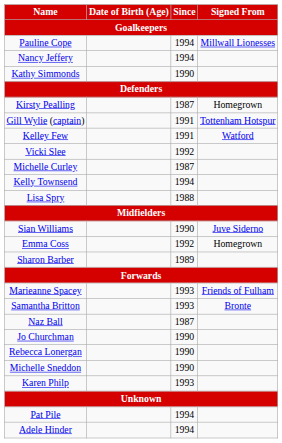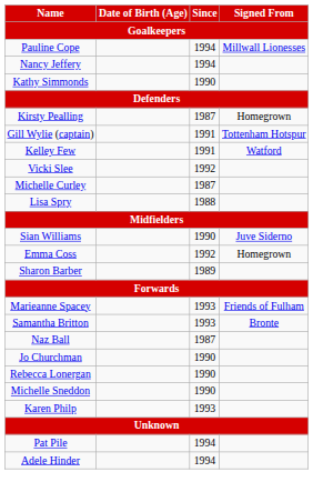 <table class="wikitable" style="text-align:center; font-size:100%; ">
 <tr>
 <th style="background:#d50000; color:white; text-align:center;">Name</th>
 <th style="background:#d50000; color:white; text-align:center;">Date of Birth (Age)</th>
 <th style="background:#d50000; color:white; text-align:center;">Since</th>
 <th style="background:#d50000; color:white; text-align:center;">Signed From</th>
 </tr>
 <tr>
 <th style="background:#d50000; color:white; text-align:center;" colspan="4">Goalkeepers</th>
 </tr>
 <tr>
 <td> <a href='#'>Pauline Cope</a></td>
 <td></td>
 <td>1994</td>
 <td><em></em> <a href='#'>Millwall Lionesses</a></td>
 </tr>
 <tr>
 <td><a href='#'>Nancy Jeffery</a></td>
 <td></td>
 <td>1994</td>
 <td></td>
 </tr>
 <tr>
 <td><a href='#'>Kathy Simmonds</a></td>
 <td></td>
 <td>1990</td>
 <td></td>
 </tr>
 <tr>
 <th style="background:#d50000; color:white; text-align:center;" colspan="4">Defenders</th>
 </tr>
 <tr>
 <td> <a href='#'>Kirsty Pealling</a></td>
 <td></td>
 <td>1987</td>
 <td>Homegrown</td>
 </tr>
 <tr>
 <td><em></em> <a href='#'>Gill Wylie</a> (<a href='#'>captain</a>)</td>
 <td></td>
 <td>1991</td>
 <td> <a href='#'>Tottenham Hotspur</a></td>
 </tr>
 <tr>
 <td> <a href='#'>Kelley Few</a></td>
 <td></td>
 <td>1991</td>
 <td> <a href='#'>Watford</a></td>
 </tr>
 <tr>
 <td> <a href='#'>Vicki Slee</a></td>
 <td></td>
 <td>1992</td>
 <td></td>
 </tr>
 <tr>
 <td> <a href='#'>Michelle Curley</a></td>
 <td></td>
 <td>1987</td>
-<td></td>
-</tr>
-<tr>
-<td> <a href='#'>Kelly Townsend</a></td>
-<td></td>
-<td>1994</td>
 <td></td>
 </tr>
 <tr>
 <td> <a href='#'>Lisa Spry</a></td>
 <td></td>
 <td>1988</td>
 <td></td>
 </tr>
 <tr>
 <th style="background:#d50000; color:white; text-align:center;" colspan="4">Midfielders</th>
 </tr>
 <tr>
 <td> <a href='#'>Sian Williams</a></td>
 <td></td>
 <td>1990</td>
 <td> <a href='#'>Juve Siderno</a></td>
 </tr>
 <tr>
 <td> <a href='#'>Emma Coss</a></td>
 <td></td>
 <td>1992</td>
 <td>Homegrown</td>
 </tr>
 <tr>
 <td> <a href='#'>Sharon Barber</a></td>
 <td></td>
 <td>1989</td>
 <td></td>
 </tr>
 <tr>
 <th style="background:#d50000; color:white; text-align:center;" colspan="4">Forwards</th>
 </tr>
 <tr>
 <td> <a href='#'>Marieanne Spacey</a></td>
 <td></td>
 <td>1993</td>
 <td><em></em> <a href='#'>Friends of Fulham</a></td>
 </tr>
 <tr>
 <td><a href='#'>Samantha Britton</a></td>
 <td></td>
 <td>1993</td>
 <td><em></em> <a href='#'>Bronte</a></td>
 </tr>
 <tr>
 <td> <a href='#'>Naz Ball</a></td>
 <td></td>
 <td>1987</td>
 <td></td>
 </tr>
 <tr>
 <td> <a href='#'>Jo Churchman</a></td>
 <td></td>
 <td>1990</td>
 <td></td>
 </tr>
 <tr>
 <td> <a href='#'>Rebecca Lonergan</a></td>
 <td></td>
 <td>1990</td>
 <td></td>
 </tr>
 <tr>
 <td> <a href='#'>Michelle Sneddon</a></td>
 <td></td>
 <td>1990</td>
 <td></td>
 </tr>
 <tr>
 <td><a href='#'>Karen Philp</a></td>
 <td></td>
 <td>1993</td>
 <td></td>
 </tr>
 <tr>
 <th style="background:#d50000; color:white; text-align:center;" colspan="4">Unknown</th>
 </tr>
 <tr>
 <td><a href='#'>Pat Pile</a></td>
 <td></td>
 <td>1994</td>
 <td></td>
 </tr>
 <tr>
 <td><a href='#'>Adele Hinder</a></td>
 <td></td>
 <td>1994</td>
 <td></td>
 </tr>
 </table>
